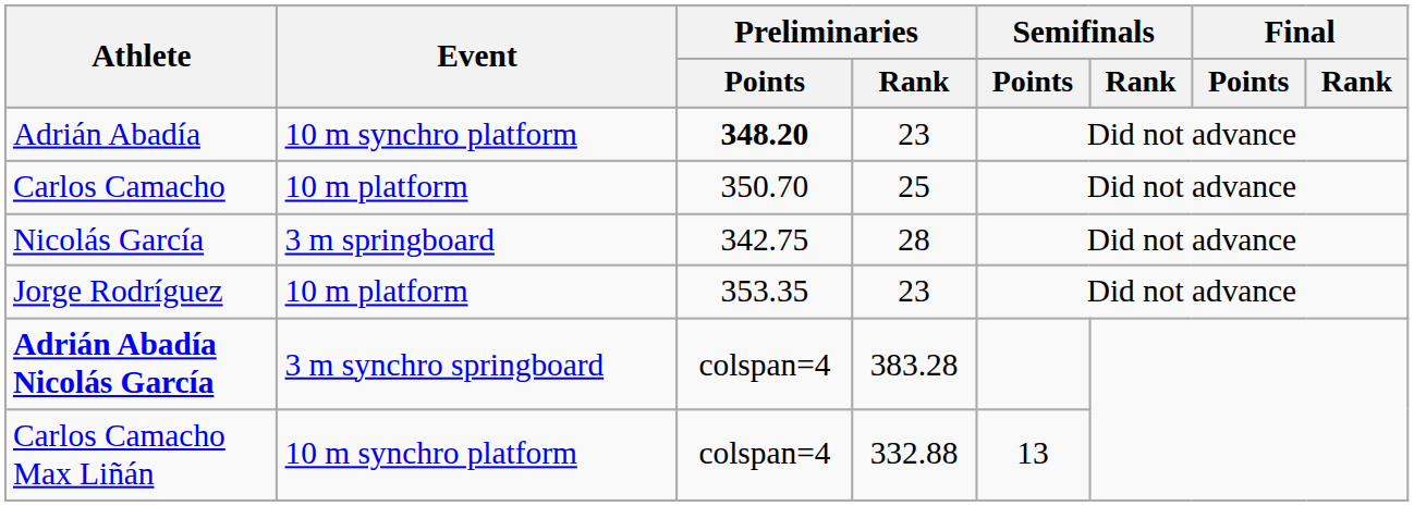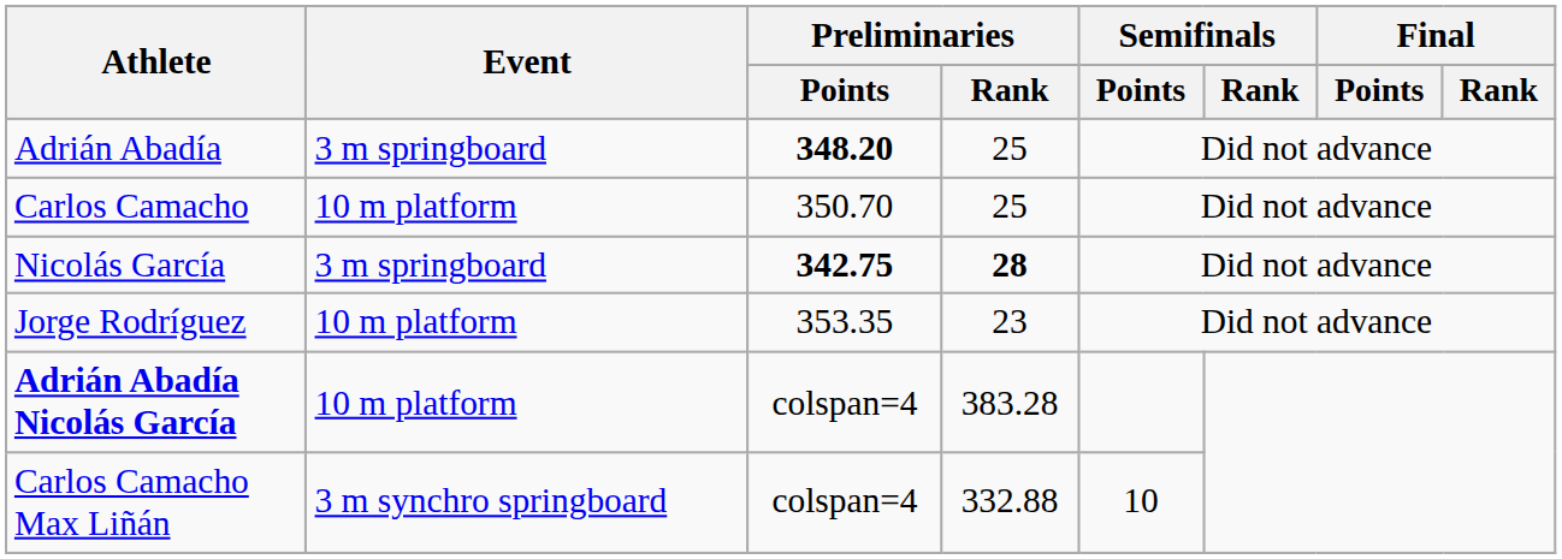 <table class="wikitable" style="text-align:center; font-size:90%; width:50%;">
 <tr>
 <th rowspan=2>Athlete</th>
 <th rowspan=2>Event</th>
 <th colspan=2>Preliminaries</th>
 <th colspan=2>Semifinals</th>
 <th colspan=2>Final</th>
 </tr>
 <tr style="font-size:95%">
 <th>Points</th>
 <th>Rank</th>
 <th>Points</th>
 <th>Rank</th>
 <th>Points</th>
 <th>Rank</th>
 </tr>
 <tr>
 <td align=left><a href='#'>Adrián Abadía</a></td>
-<td align=left><a href='#'>10 m synchro platform</a></td>
+<td align=left><a href='#'>3 m springboard</a></td>
 <td><strong>348.20</strong></td>
-<td>23</td>
+<td>25</td>
 <td colspan=4>Did not advance</td>
 </tr>
 <tr>
 <td align=left><a href='#'>Carlos Camacho</a></td>
 <td align=left><a href='#'>10 m platform</a></td>
 <td>350.70</td>
 <td>25</td>
 <td colspan=4>Did not advance</td>
 </tr>
 <tr>
 <td align=left><a href='#'>Nicolás García</a></td>
 <td align=left><a href='#'>3 m springboard</a></td>
-<td>342.75</td>
-<td>28</td>
+<td><strong>342.75</strong></td>
+<td><strong>28</strong></td>
 <td colspan=4>Did not advance</td>
 </tr>
 <tr>
 <td align=left><a href='#'>Jorge Rodríguez</a></td>
 <td align=left><a href='#'>10 m platform</a></td>
 <td>353.35</td>
 <td>23</td>
 <td colspan=4>Did not advance</td>
 </tr>
 <tr>
 <td align=left><strong><a href='#'>Adrián Abadía</a><br> <a href='#'>Nicolás García</a></strong></td>
-<td align=left><a href='#'>3 m synchro springboard</a></td>
+<td align=left><a href='#'>10 m platform</a></td>
 <td>colspan=4 </td>
 <td>383.28</td>
 <td></td>
 </tr>
 <tr>
 <td align=left><a href='#'>Carlos Camacho</a><br> <a href='#'>Max Liñán</a></td>
-<td align=left><a href='#'>10 m synchro platform</a></td>
+<td align=left><a href='#'>3 m synchro springboard</a></td>
 <td>colspan=4 </td>
 <td>332.88</td>
-<td>13</td>
+<td>10</td>
 </tr>
 </table>
